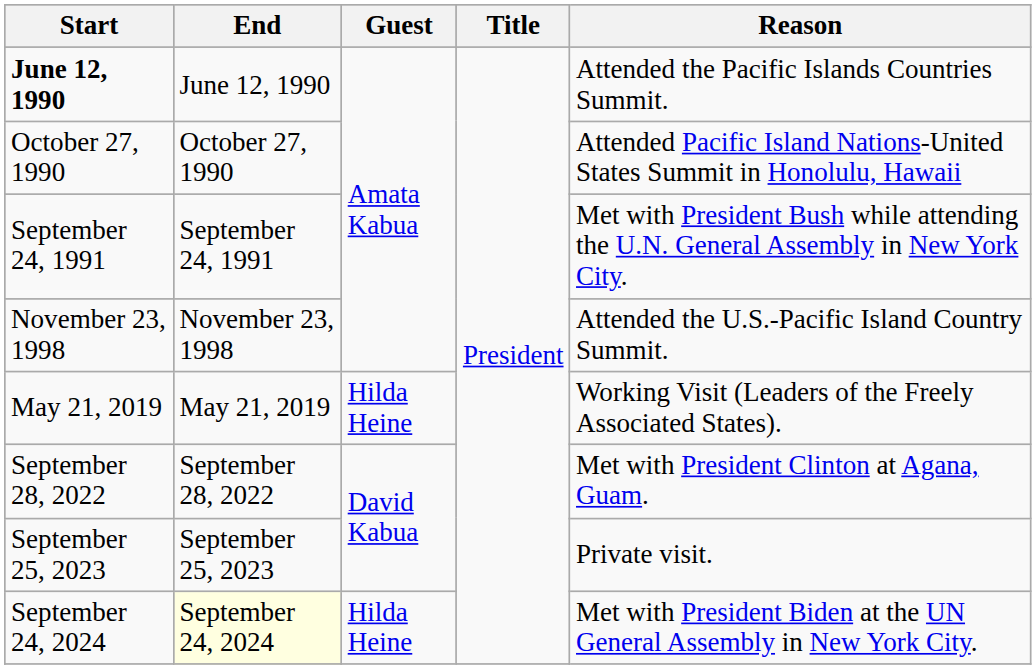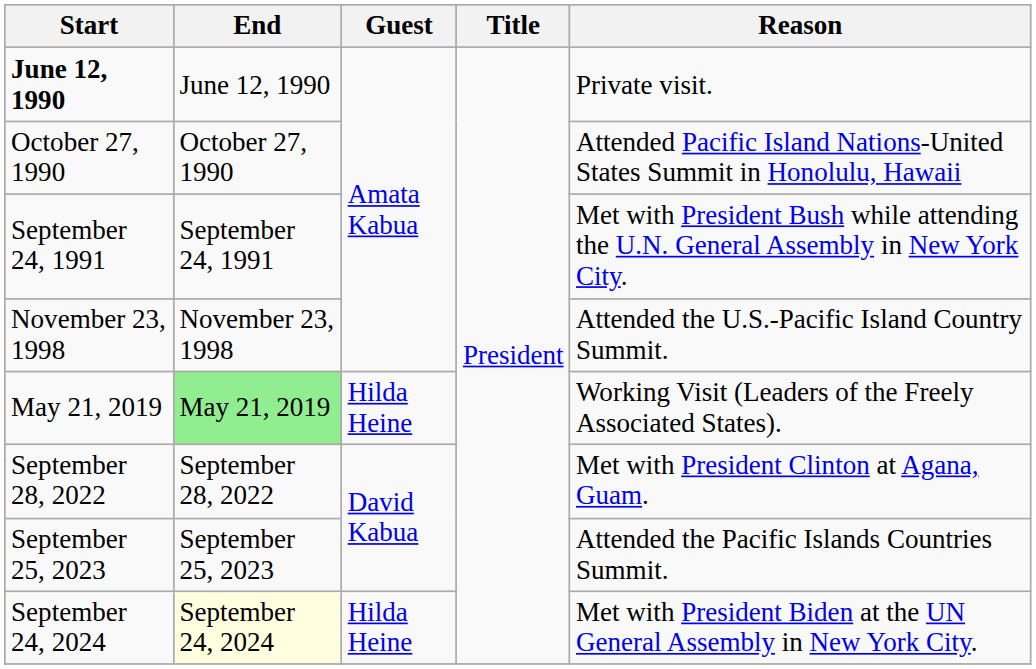 <table class="wikitable sortable">
 <tr>
 <th>Start</th>
 <th>End</th>
 <th>Guest</th>
 <th>Title</th>
 <th>Reason</th>
 </tr>
 <tr>
 <td><strong>June 12, 1990</strong></td>
 <td>June 12, 1990</td>
 <td rowspan=4><a href='#'>Amata Kabua</a></td>
 <td rowspan=8><a href='#'>President</a></td>
-<td>Attended the Pacific Islands Countries Summit.</td>
+<td>Private visit.</td>
 </tr>
 <tr>
 <td>October 27, 1990</td>
 <td>October 27, 1990</td>
 <td>Attended <a href='#'>Pacific Island Nations</a>-United States Summit in <a href='#'>Honolulu, Hawaii</a></td>
 </tr>
 <tr>
 <td>September 24, 1991</td>
 <td>September 24, 1991</td>
 <td>Met with <a href='#'>President Bush</a> while attending the <a href='#'>U.N. General Assembly</a> in <a href='#'>New York City</a>.</td>
 </tr>
 <tr>
 <td>November 23, 1998</td>
 <td>November 23, 1998</td>
 <td>Attended the U.S.-Pacific Island Country Summit.</td>
 </tr>
 <tr>
 <td>May 21, 2019</td>
-<td>May 21, 2019</td>
+<td style="background: lightgreen;">May 21, 2019</td>
 <td><a href='#'>Hilda Heine</a></td>
 <td>Working Visit (Leaders of the Freely Associated States).</td>
 </tr>
 <tr>
 <td>September 28, 2022</td>
 <td>September 28, 2022</td>
 <td rowspan=2><a href='#'>David Kabua</a></td>
 <td>Met with <a href='#'>President Clinton</a> at <a href='#'>Agana, Guam</a>.</td>
 </tr>
 <tr>
 <td>September 25, 2023</td>
 <td>September 25, 2023</td>
-<td>Private visit.</td>
+<td>Attended the Pacific Islands Countries Summit.</td>
 </tr>
 <tr>
 <td>September 24, 2024</td>
 <td style="background: lightyellow;">September 24, 2024</td>
 <td><a href='#'>Hilda Heine</a></td>
 <td>Met with <a href='#'>President Biden</a> at the <a href='#'>UN General Assembly</a> in <a href='#'>New York City</a>.</td>
 </tr>
 </table>
